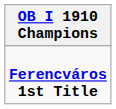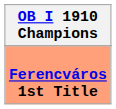 <table class="wikitable" style="text-align: center; margin: 0 auto;">
 <tr>
 <th><a href='#'>OB I</a> 1910<br>Champions</th>
 </tr>
 <tr>
 </tr>
 <tr>
-<td> <br><strong><a href='#'>Ferencváros</a></strong><br><strong>1st Title</strong></td>
+<td style="background: lightsalmon;"> <br><strong><a href='#'>Ferencváros</a></strong><br><strong>1st Title</strong></td>
 </tr>
 </table>
